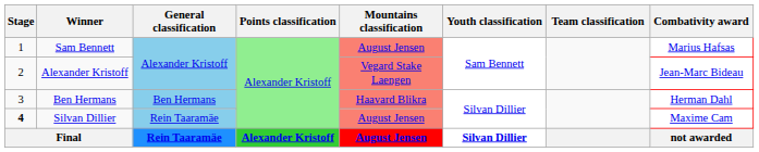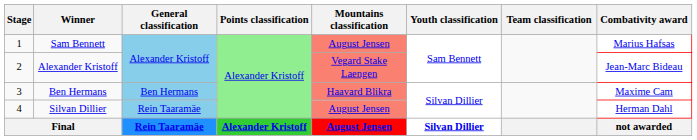 <table class="wikitable" style="text-align: center; font-size:smaller;">
 <tr style="background:#efefef;">
 <th style="width:1%;">Stage</th>
 <th style="width:13%;">Winner</th>
 <th style="width:14%;">General classification<br></th>
 <th style="width:14%;">Points classification<br></th>
 <th style="width:14%;">Mountains classification<br></th>
 <th style="width:14%;">Youth classification<br></th>
 <th style="width:14%;">Team classification</th>
 <th style="width:14%;">Combativity award<br></th>
 </tr>
 <tr>
 <td>1</td>
 <td><a href='#'>Sam Bennett</a></td>
 <td style="background:skyblue;" rowspan=2><a href='#'>Alexander Kristoff</a></td>
 <td style="background:lightgreen" rowspan=4><a href='#'>Alexander Kristoff</a></td>
 <td style="background:salmon;"><a href='#'>August Jensen</a></td>
 <td style="background:white;" rowspan=2><a href='#'>Sam Bennett</a></td>
 <td style="background:offwhite" rowspan=2></td>
 <td style="background:white; border: 1px solid red;"><a href='#'>Marius Hafsas</a></td>
 </tr>
 <tr>
 <td>2</td>
 <td><a href='#'>Alexander Kristoff</a></td>
 <td style="background:salmon;"><a href='#'>Vegard Stake Laengen</a></td>
 <td style="background:white; border: 1px solid red;"><a href='#'>Jean-Marc Bideau</a></td>
 </tr>
 <tr>
 <td>3</td>
 <td><a href='#'>Ben Hermans</a></td>
 <td style="background:skyblue;"><a href='#'>Ben Hermans</a></td>
 <td style="background:salmon;"><a href='#'>Haavard Blikra</a></td>
 <td style="background:white;" rowspan="2"><a href='#'>Silvan Dillier</a></td>
 <td style="background:offwhite;" rowspan="2"></td>
-<td style="background:white; border: 1px solid red;"><a href='#'>Herman Dahl</a></td>
+<td style="background:white; border: 1px solid red;"><a href='#'>Maxime Cam</a></td>
 </tr>
 <tr>
-<td><strong>4</strong></td>
+<td>4</td>
 <td><a href='#'>Silvan Dillier</a></td>
 <td style="background:skyblue;"><a href='#'>Rein Taaramäe</a></td>
 <td style="background:salmon;"><a href='#'>August Jensen</a></td>
-<td style="background:white; border: 1px solid red;"><a href='#'>Maxime Cam</a></td>
+<td style="background:white; border: 1px solid red;"><a href='#'>Herman Dahl</a></td>
 </tr>
 <tr>
 <th colspan=2><strong>Final</strong></th>
 <th style="background:dodgerblue;"><a href='#'>Rein Taaramäe</a></th>
 <th style="background:limegreen;"><a href='#'>Alexander Kristoff</a></th>
 <th style="background:red;"><a href='#'>August Jensen</a></th>
 <th style="background:white;"><a href='#'>Silvan Dillier</a></th>
 <th style="background:offwhite;"></th>
 <th style="background:offwhite;"><strong>not awarded</strong></th>
 </tr>
 </table>
